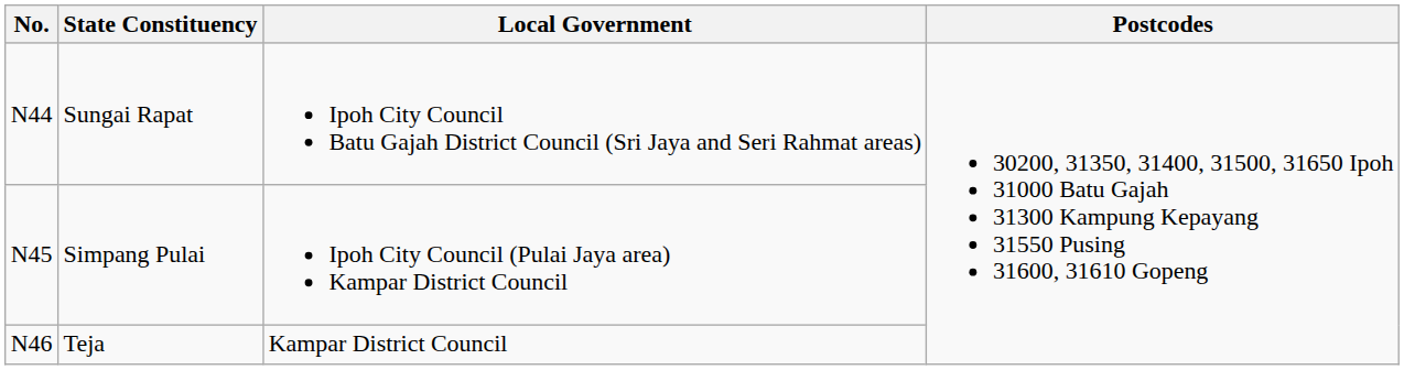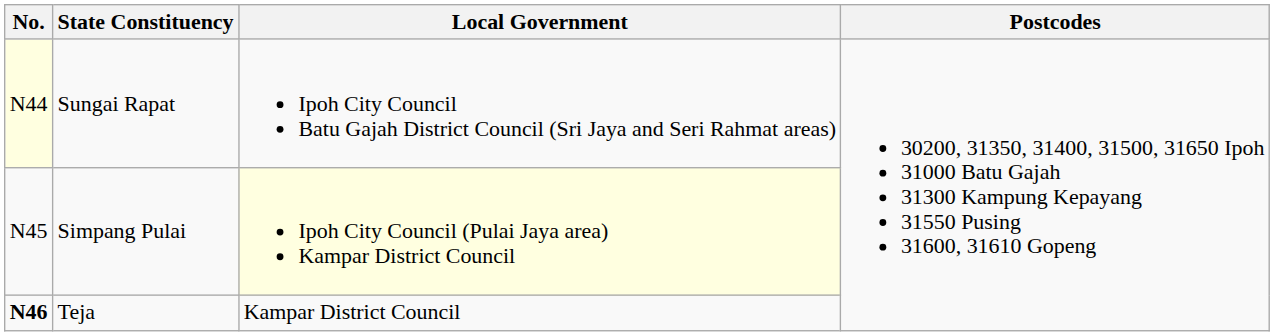 <table class="wikitable">
 <tr>
 <th>No.</th>
 <th>State Constituency</th>
 <th>Local Government</th>
 <th>Postcodes</th>
 </tr>
 <tr>
-<td>N44</td>
+<td style="background: lightyellow;">N44</td>
 <td>Sungai Rapat</td>
 <td><br><ul><li>Ipoh City Council</li><li>Batu Gajah District Council (Sri Jaya and Seri Rahmat areas)</li></ul></td>
 <td rowspan="3"><br><ul><li>30200, 31350, 31400, 31500, 31650 Ipoh</li><li>31000 Batu Gajah</li><li>31300 Kampung Kepayang</li><li>31550 Pusing</li><li>31600, 31610 Gopeng</li></ul></td>
 </tr>
 <tr>
 <td>N45</td>
 <td>Simpang Pulai</td>
-<td><br><ul><li>Ipoh City Council (Pulai Jaya area)</li><li>Kampar District Council</li></ul></td>
+<td style="background: lightyellow;"><br><ul><li>Ipoh City Council (Pulai Jaya area)</li><li>Kampar District Council</li></ul></td>
 </tr>
 <tr>
-<td>N46</td>
+<td><strong>N46</strong></td>
 <td>Teja</td>
 <td>Kampar District Council</td>
 </tr>
 </table>
